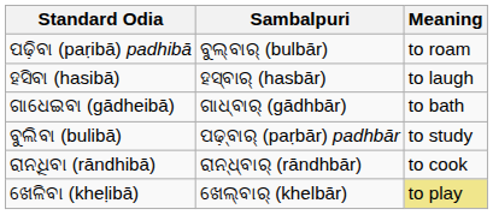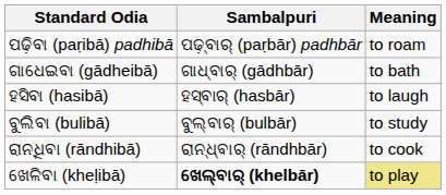 <table class="wikitable">
 <tr>
 <th>Standard Odia</th>
 <th>Sambalpuri</th>
 <th>Meaning</th>
 </tr>
 <tr>
 <td>ପଢ଼ିବା (paṛibā) <em>padhibā</em></td>
-<td>ବୁଲ୍‌ବାର୍ (bulbār)</td>
+<td>ପଢ଼୍‌ବାର୍ (paṛbār) <em>padhbār</em></td>
 <td>to roam</td>
+</tr>
+<tr>
+<td>ଗାଧେଇବା (gādheibā)</td>
+<td>ଗାଧ୍‌ବାର୍ (gādhbār)</td>
+<td>to bath</td>
 </tr>
 <tr>
 <td>ହସିବା (hasibā)</td>
 <td>ହସ୍‌ବାର୍ (hasbār)</td>
 <td>to laugh</td>
 </tr>
 <tr>
-<td>ଗାଧେଇବା (gādheibā)</td>
-<td>ଗାଧ୍‌ବାର୍ (gādhbār)</td>
-<td>to bath</td>
-</tr>
-<tr>
 <td>ବୁଲିବା (bulibā)</td>
-<td>ପଢ଼୍‌ବାର୍ (paṛbār) <em>padhbār</em></td>
+<td>ବୁଲ୍‌ବାର୍ (bulbār)</td>
 <td>to study</td>
 </tr>
 <tr>
 <td>ରାନ୍ଧିବା (rāndhibā)</td>
 <td>ରାନ୍ଧ୍‌ବାର୍ (rāndhbār)</td>
 <td>to cook</td>
 </tr>
 <tr>
 <td>ଖେଳିବା (kheḷibā)</td>
-<td>ଖେଲ୍‌ବାର୍ (khelbār)</td>
+<td><strong>ଖେଲ୍‌ବାର୍ (khelbār)</strong></td>
 <td style="background: khaki;">to play</td>
 </tr>
 </table>
